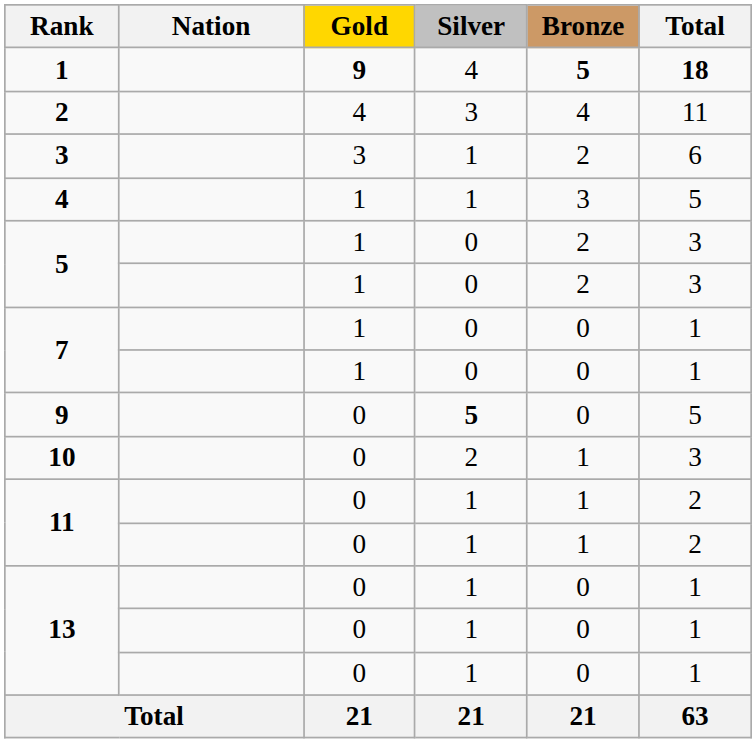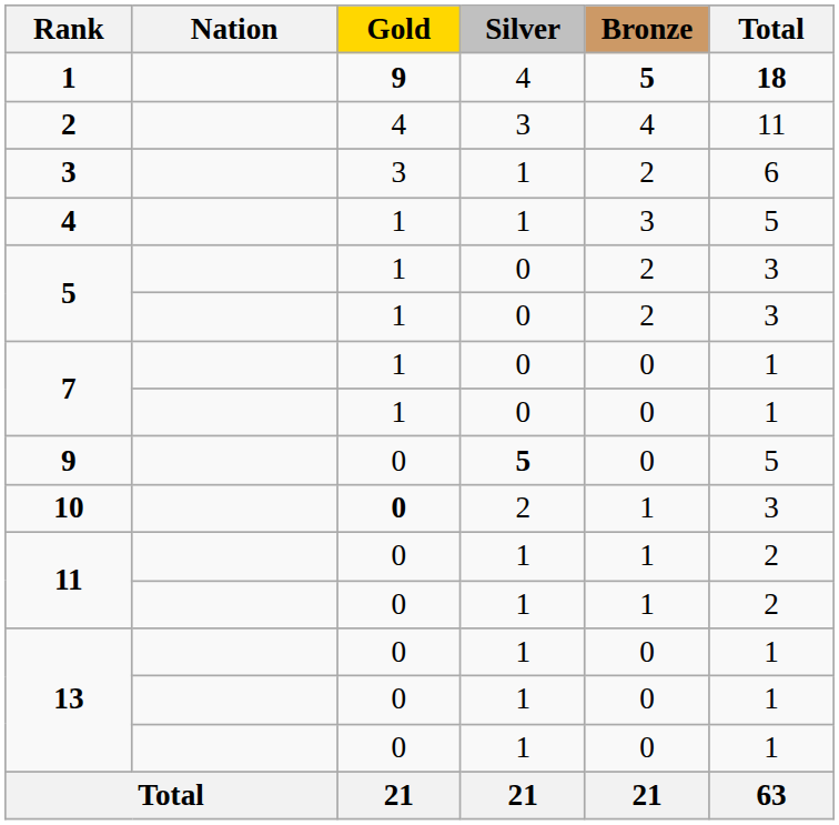 <table class="wikitable collapsible autocollapse plainrowheaders" width=70.5% style="text-align:center;">
 <tr style="background-color:#EDEDED;">
 <th width=100px class="hintergrundfarbe5">Rank</th>
 <th width=200px class="hintergrundfarbe6">Nation</th>
 <th style="background:    gold; width:15%">Gold</th>
 <th style="background:  silver; width:15%">Silver</th>
 <th style="background: #CC9966; width:15%">Bronze</th>
 <th class="hintergrundfarbe6" style="width:15%">Total</th>
 </tr>
 <tr>
 <td><strong>1</strong></td>
 <td align=left></td>
 <td><strong>9</strong></td>
 <td>4</td>
 <td><strong>5</strong></td>
 <td><strong>18</strong></td>
 </tr>
 <tr>
 <td><strong>2</strong></td>
 <td align=left></td>
 <td>4</td>
 <td>3</td>
 <td>4</td>
 <td>11</td>
 </tr>
 <tr>
 <td><strong>3</strong></td>
 <td align=left></td>
 <td>3</td>
 <td>1</td>
 <td>2</td>
 <td>6</td>
 </tr>
 <tr>
 <td><strong>4</strong></td>
 <td align=left><em></em></td>
 <td>1</td>
 <td>1</td>
 <td>3</td>
 <td>5</td>
 </tr>
 <tr>
 <td rowspan=2><strong>5</strong></td>
 <td align=left></td>
 <td>1</td>
 <td>0</td>
 <td>2</td>
 <td>3</td>
 </tr>
 <tr>
 <td align=left></td>
 <td>1</td>
 <td>0</td>
 <td>2</td>
 <td>3</td>
 </tr>
 <tr>
 <td rowspan=2><strong>7</strong></td>
 <td align=left><em></em></td>
 <td>1</td>
 <td>0</td>
 <td>0</td>
 <td>1</td>
 </tr>
 <tr>
 <td align=left></td>
 <td>1</td>
 <td>0</td>
 <td>0</td>
 <td>1</td>
 </tr>
 <tr>
 <td><strong>9</strong></td>
 <td align=left></td>
 <td>0</td>
 <td><strong>5</strong></td>
 <td>0</td>
 <td>5</td>
 </tr>
 <tr>
 <td><strong>10</strong></td>
 <td align=left><em></em></td>
-<td>0</td>
+<td><strong>0</strong></td>
 <td>2</td>
 <td>1</td>
 <td>3</td>
 </tr>
 <tr>
 <td rowspan=2><strong>11</strong></td>
 <td align=left></td>
 <td>0</td>
 <td>1</td>
 <td>1</td>
 <td>2</td>
 </tr>
 <tr>
 <td align=left></td>
 <td>0</td>
 <td>1</td>
 <td>1</td>
 <td>2</td>
 </tr>
 <tr>
 <td rowspan=3><strong>13</strong></td>
 <td align=left></td>
 <td>0</td>
 <td>1</td>
 <td>0</td>
 <td>1</td>
 </tr>
 <tr>
 <td align=left></td>
 <td>0</td>
 <td>1</td>
 <td>0</td>
 <td>1</td>
 </tr>
 <tr>
 <td align=left></td>
 <td>0</td>
 <td>1</td>
 <td>0</td>
 <td>1</td>
 </tr>
 <tr>
 <th colspan=2>Total</th>
 <th>21</th>
 <th>21</th>
 <th>21</th>
 <th>63</th>
 </tr>
 </table>
